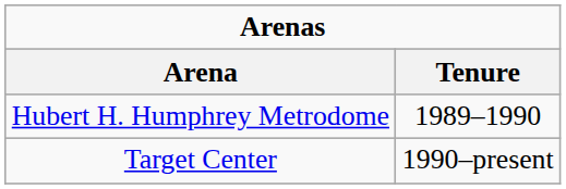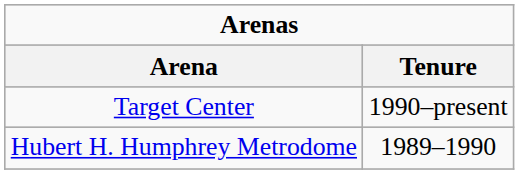 <table class="wikitable sortable" style="text-align:center">
 <tr>
 <td colspan="2"><strong>Arenas</strong></td>
 </tr>
 <tr>
 <th style="width:auto; ">Arena</th>
 <th style="width:auto; ">Tenure</th>
 </tr>
 <tr>
+<td><a href='#'>Target Center</a></td>
+<td>1990–present</td>
+</tr>
+<tr>
 <td><a href='#'>Hubert H. Humphrey Metrodome</a></td>
 <td>1989–1990</td>
 </tr>
-<tr>
-<td><a href='#'>Target Center</a></td>
-<td>1990–present</td>
-</tr>
 </table>
